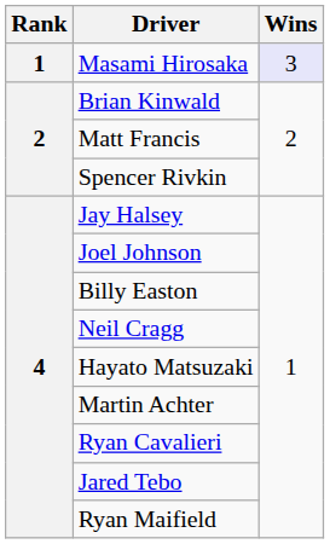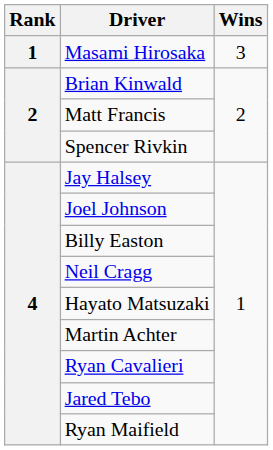 <table class="wikitable">
 <tr>
 <th>Rank</th>
 <th>Driver</th>
 <th>Wins</th>
 </tr>
 <tr>
 <th>1</th>
 <td> <a href='#'>Masami Hirosaka</a></td>
-<td style="background: lavender; text-align:center;">3</td>
+<td style="text-align:center;">3</td>
 </tr>
 <tr>
 <th rowspan="3">2</th>
 <td> <a href='#'>Brian Kinwald</a></td>
 <td rowspan="3" style="text-align:center;">2</td>
 </tr>
 <tr>
 <td> Matt Francis</td>
 </tr>
 <tr>
 <td> Spencer Rivkin</td>
 </tr>
 <tr>
 <th rowspan="9">4</th>
 <td> <a href='#'>Jay Halsey</a></td>
 <td rowspan="9" style="text-align:center;">1</td>
 </tr>
 <tr>
 <td> <a href='#'>Joel Johnson</a></td>
 </tr>
 <tr>
 <td> Billy Easton</td>
 </tr>
 <tr>
 <td> <a href='#'>Neil Cragg</a></td>
 </tr>
 <tr>
 <td> Hayato Matsuzaki</td>
 </tr>
 <tr>
 <td> Martin Achter</td>
 </tr>
 <tr>
 <td> <a href='#'>Ryan Cavalieri</a></td>
 </tr>
 <tr>
 <td> <a href='#'>Jared Tebo</a></td>
 </tr>
 <tr>
 <td> Ryan Maifield</td>
 </tr>
 </table>
